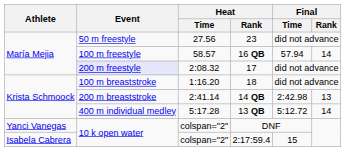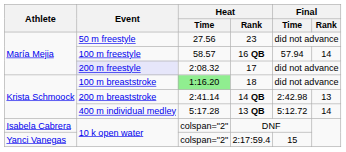 <table class=wikitable style="font-size:90%">
 <tr>
 <th rowspan="2">Athlete</th>
 <th rowspan="2">Event</th>
 <th colspan="2">Heat</th>
 <th colspan="2">Final</th>
 </tr>
 <tr style="font-size:95%">
 <th>Time</th>
 <th>Rank</th>
 <th>Time</th>
 <th>Rank</th>
 </tr>
 <tr align=center>
 <td align=left rowspan="3"><a href='#'>María Mejia</a></td>
 <td align=left><a href='#'>50 m freestyle</a></td>
 <td>27.56</td>
 <td>23</td>
 <td colspan="2">did not advance</td>
 </tr>
 <tr align=center>
 <td align=left><a href='#'>100 m freestyle</a></td>
 <td>58.57</td>
 <td>16 <strong>QB</strong></td>
 <td>57.94</td>
 <td>14</td>
 </tr>
 <tr align=center>
 <td align=left style="background: lavender;"><a href='#'>200 m freestyle</a></td>
 <td>2:08.32</td>
 <td>17</td>
 <td colspan="2">did not advance</td>
 </tr>
 <tr align=center>
 <td align=left rowspan="3"><a href='#'>Krista Schmoock</a></td>
 <td align=left><a href='#'>100 m breaststroke</a></td>
-<td>1:16.20</td>
+<td style="background: lightgreen;">1:16.20</td>
 <td>18</td>
 <td colspan="2">did not advance</td>
 </tr>
 <tr align=center>
 <td align=left><a href='#'>200 m breaststroke</a></td>
 <td>2:41.14</td>
 <td>14 <strong>QB</strong></td>
 <td>2:42.98</td>
 <td>13</td>
 </tr>
 <tr align=center>
 <td align=left><a href='#'>400 m individual medley</a></td>
 <td>5:17.28</td>
 <td>13 <strong>QB</strong></td>
 <td>5:12.72</td>
 <td>14</td>
 </tr>
 <tr align=center>
-<td align=left><a href='#'>Yanci Vanegas</a></td>
+<td align=left><a href='#'>Isabela Cabrera</a></td>
 <td align=left rowspan=2><a href='#'>10 k open water</a></td>
 <td>colspan="2" </td>
 <td colspan="2">DNF</td>
 </tr>
 <tr align=center>
-<td align=left><a href='#'>Isabela Cabrera</a></td>
+<td align=left><a href='#'>Yanci Vanegas</a></td>
 <td>colspan="2" </td>
 <td>2:17:59.4</td>
 <td>15</td>
 </tr>
 </table>
